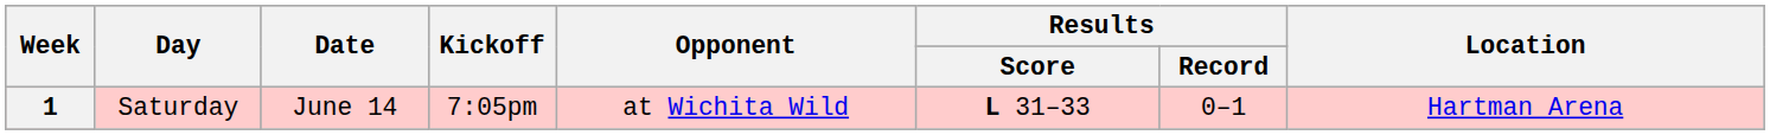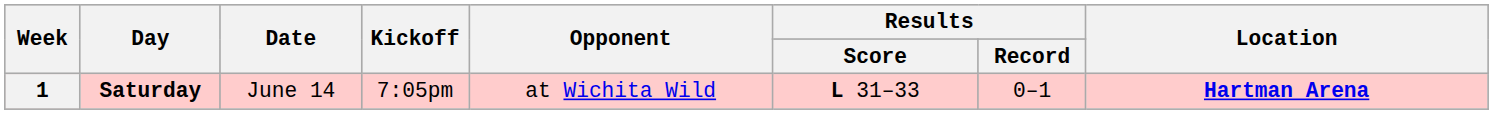 <table class="wikitable">
 <tr>
 <th rowspan="2" width="40">Week</th>
 <th rowspan="2" width="80">Day</th>
 <th rowspan="2" width="80">Date</th>
 <th rowspan="2" width="60">Kickoff</th>
 <th rowspan="2" width="180">Opponent</th>
 <th colspan="2" width="180">Results</th>
 <th rowspan="2" width="240">Location</th>
 </tr>
 <tr>
 <th width="120">Score</th>
 <th width="60">Record</th>
 </tr>
 <tr align="center" bgcolor="#FFCCCC">
 <th>1</th>
-<td>Saturday</td>
+<td><strong>Saturday</strong></td>
 <td>June 14</td>
 <td>7:05pm</td>
 <td>at <a href='#'>Wichita Wild</a></td>
 <td><strong>L</strong> 31–33</td>
 <td>0–1</td>
-<td><a href='#'>Hartman Arena</a></td>
+<td><strong><a href='#'>Hartman Arena</a></strong></td>
 </tr>
 </table>
